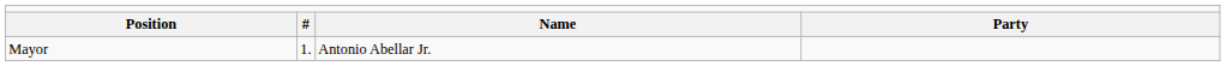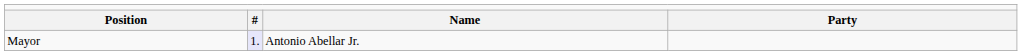 <table class=wikitable style="font-size:95%" width=99%>
 <tr>
 <td colspan="5"></td>
 </tr>
 <tr>
 <th width=24%>Position</th>
 <th width=1%>#</th>
 <th width=40%>Name</th>
 <th colspan=2>Party</th>
 </tr>
 <tr>
 <td>Mayor</td>
-<td>1.</td>
+<td style="background: lavender;">1.</td>
 <td>Antonio Abellar Jr.</td>
 <td></td>
 </tr>
 </table>
